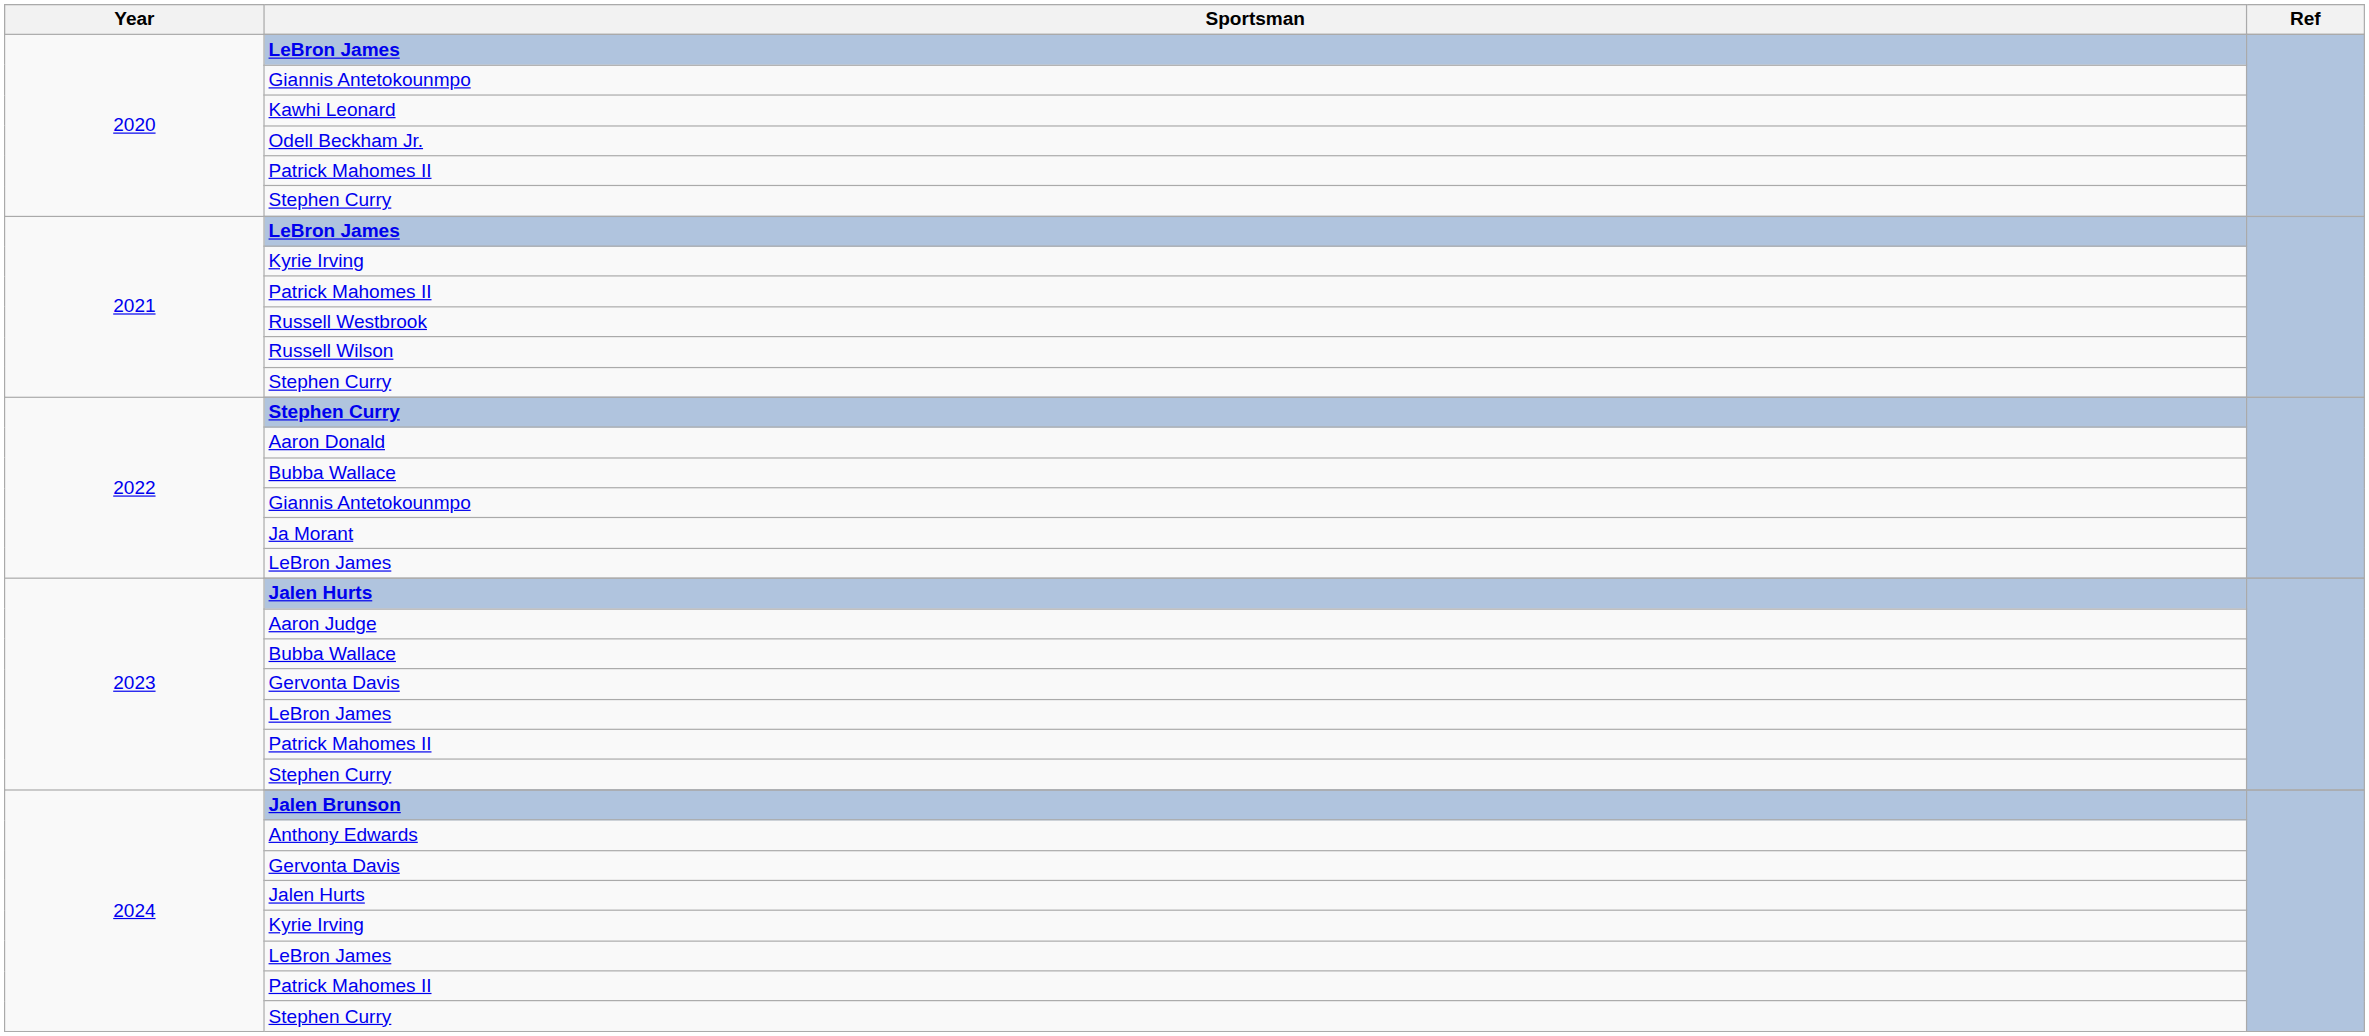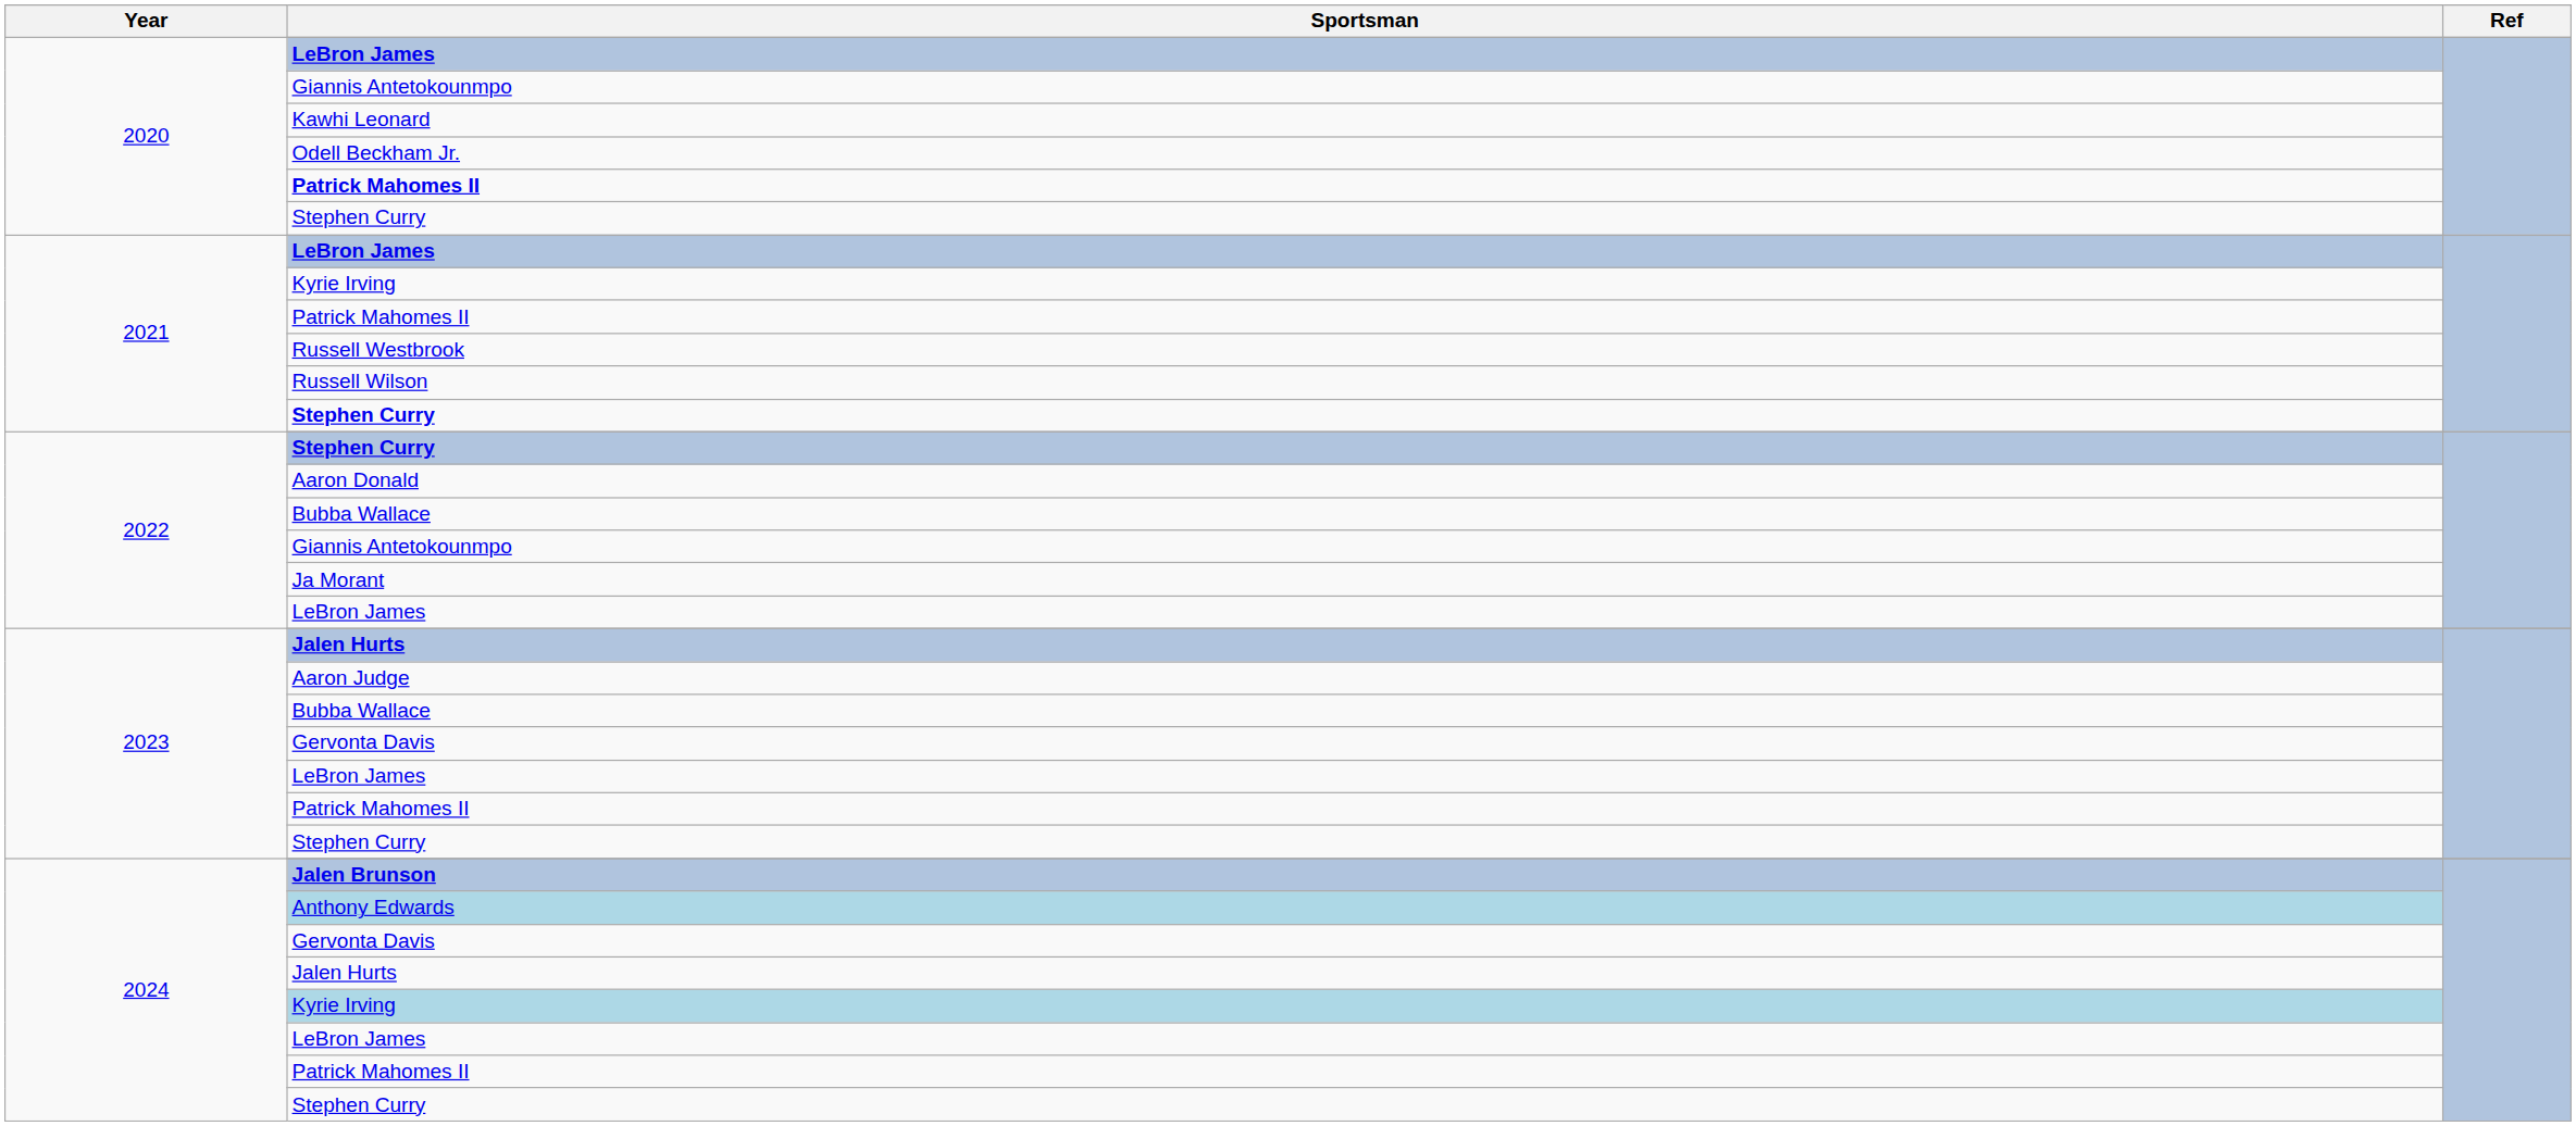 <table class="wikitable" style="width:100%;">
 <tr style="background:#bebebe;">
 <th style="width:11%;">Year</th>
 <th style="width:84%;">Sportsman</th>
 <th style="width:5%;">Ref</th>
 </tr>
 <tr>
 <td rowspan="7" align="center"><a href='#'>2020</a></td>
 </tr>
 <tr style="background:#B0C4DE">
 <td><strong><a href='#'>LeBron James</a></strong></td>
 <td rowspan="6" align="center"></td>
 </tr>
 <tr>
 <td><a href='#'>Giannis Antetokounmpo</a></td>
 </tr>
 <tr>
 <td><a href='#'>Kawhi Leonard</a></td>
 </tr>
 <tr>
 <td><a href='#'>Odell Beckham Jr.</a></td>
 </tr>
 <tr>
-<td><a href='#'>Patrick Mahomes II</a></td>
+<td><strong><a href='#'>Patrick Mahomes II</a></strong></td>
 </tr>
 <tr>
 <td><a href='#'>Stephen Curry</a></td>
 </tr>
 <tr>
 <td rowspan="7" align="center"><a href='#'>2021</a></td>
 </tr>
 <tr style="background:#B0C4DE">
 <td><strong><a href='#'>LeBron James</a></strong></td>
 <td rowspan="6" align="center"></td>
 </tr>
 <tr>
 <td><a href='#'>Kyrie Irving</a></td>
 </tr>
 <tr>
 <td><a href='#'>Patrick Mahomes II</a></td>
 </tr>
 <tr>
 <td><a href='#'>Russell Westbrook</a></td>
 </tr>
 <tr>
 <td><a href='#'>Russell Wilson</a></td>
 </tr>
 <tr>
-<td><a href='#'>Stephen Curry</a></td>
+<td><strong><a href='#'>Stephen Curry</a></strong></td>
 </tr>
 <tr>
 <td rowspan="7" align="center"><a href='#'>2022</a></td>
 </tr>
 <tr style="background:#B0C4DE">
 <td><strong><a href='#'>Stephen Curry</a></strong></td>
 <td rowspan="6" align="center"></td>
 </tr>
 <tr>
 <td><a href='#'>Aaron Donald</a></td>
 </tr>
 <tr>
 <td><a href='#'>Bubba Wallace</a></td>
 </tr>
 <tr>
 <td><a href='#'>Giannis Antetokounmpo</a></td>
 </tr>
 <tr>
 <td><a href='#'>Ja Morant</a></td>
 </tr>
 <tr>
 <td><a href='#'>LeBron James</a></td>
 </tr>
 <tr>
 <td rowspan="8" align="center"><a href='#'>2023</a></td>
 </tr>
 <tr style="background:#B0C4DE">
 <td><strong><a href='#'>Jalen Hurts</a></strong></td>
 <td rowspan="7" align="center"></td>
 </tr>
 <tr>
 <td><a href='#'>Aaron Judge</a></td>
 </tr>
 <tr>
 <td><a href='#'>Bubba Wallace</a></td>
 </tr>
 <tr>
 <td><a href='#'>Gervonta Davis</a></td>
 </tr>
 <tr>
 <td><a href='#'>LeBron James</a></td>
 </tr>
 <tr>
 <td><a href='#'>Patrick Mahomes II</a></td>
 </tr>
 <tr>
 <td><a href='#'>Stephen Curry</a></td>
 </tr>
 <tr>
 <td rowspan="9" align="center"><a href='#'>2024</a></td>
 </tr>
 <tr style="background:#B0C4DE">
 <td><strong><a href='#'>Jalen Brunson</a></strong></td>
 <td rowspan="8" align="center"></td>
 </tr>
 <tr>
-<td><a href='#'>Anthony Edwards</a></td>
+<td style="background: lightblue;"><a href='#'>Anthony Edwards</a></td>
 </tr>
 <tr>
 <td><a href='#'>Gervonta Davis</a></td>
 </tr>
 <tr>
 <td><a href='#'>Jalen Hurts</a></td>
 </tr>
 <tr>
-<td><a href='#'>Kyrie Irving</a></td>
+<td style="background: lightblue;"><a href='#'>Kyrie Irving</a></td>
 </tr>
 <tr>
 <td><a href='#'>LeBron James</a></td>
 </tr>
 <tr>
 <td><a href='#'>Patrick Mahomes II</a></td>
 </tr>
 <tr>
 <td><a href='#'>Stephen Curry</a></td>
 </tr>
 </table>
